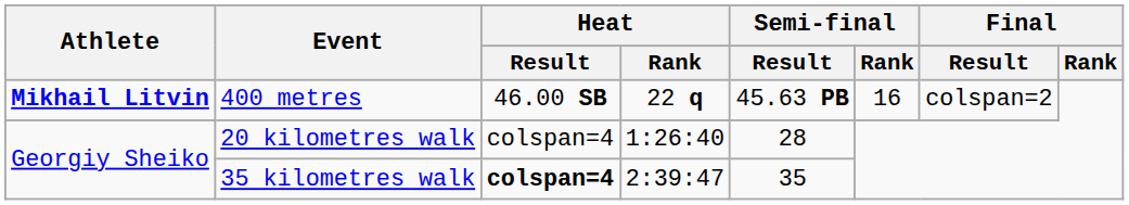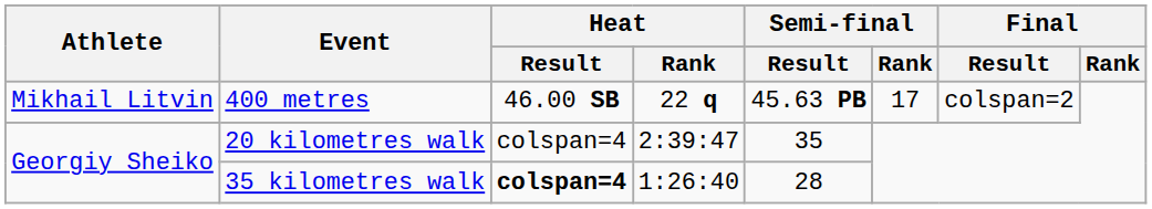 <table class="wikitable" style="font-size:90%">
 <tr>
 <th rowspan="2">Athlete</th>
 <th rowspan="2">Event</th>
 <th colspan="2">Heat</th>
 <th colspan="2">Semi-final</th>
 <th colspan="2">Final</th>
 </tr>
 <tr style="font-size:95%">
 <th>Result</th>
 <th>Rank</th>
 <th>Result</th>
 <th>Rank</th>
 <th>Result</th>
 <th>Rank</th>
 </tr>
 <tr style=text-align:center>
-<td style=text-align:left><strong><a href='#'>Mikhail Litvin</a></strong></td>
+<td style=text-align:left><a href='#'>Mikhail Litvin</a></td>
 <td style=text-align:left><a href='#'>400 metres</a></td>
 <td>46.00 <strong>SB</strong></td>
 <td>22 <strong>q</strong></td>
 <td>45.63 <strong>PB</strong></td>
-<td>16</td>
+<td>17</td>
 <td>colspan=2</td>
 </tr>
 <tr style=text-align:center>
 <td rowspan="2" style="text-align:left"><a href='#'>Georgiy Sheiko</a></td>
 <td style=text-align:left><a href='#'>20 kilometres walk</a></td>
 <td>colspan=4 </td>
-<td>1:26:40</td>
-<td>28</td>
+<td>2:39:47</td>
+<td>35</td>
 </tr>
 <tr style=text-align:center>
 <td style=text-align:left><a href='#'>35 kilometres walk</a></td>
 <td><strong>colspan=4 </strong></td>
-<td>2:39:47</td>
-<td>35</td>
+<td>1:26:40</td>
+<td>28</td>
 </tr>
 </table>
